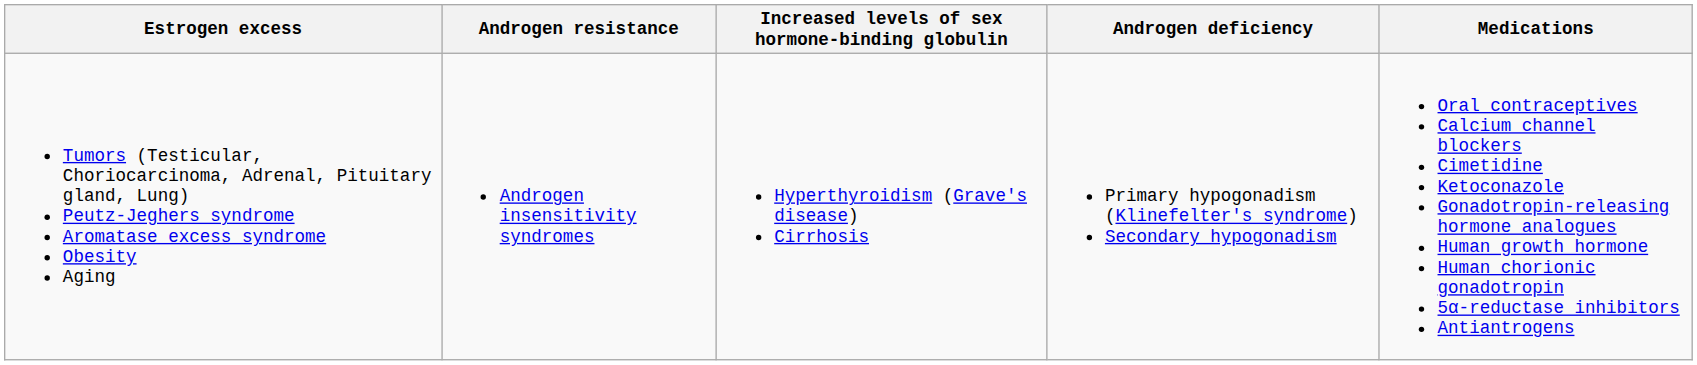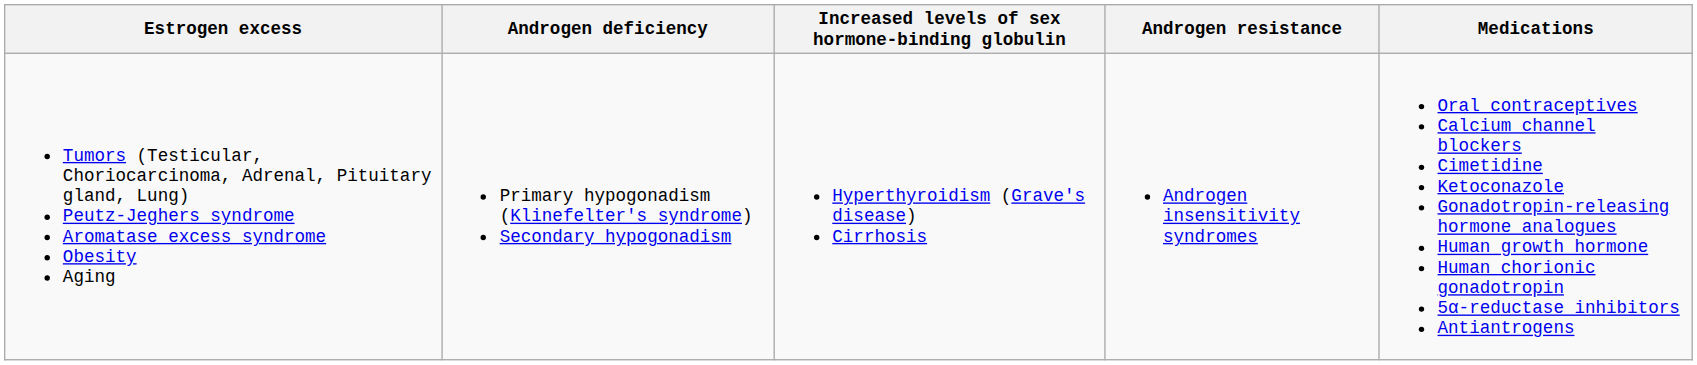 <table class="wikitable">
 <tr>
 <th>Estrogen excess</th>
+<th>Androgen deficiency</th>
+<th>Increased levels of sex hormone-binding globulin</th>
 <th>Androgen resistance</th>
-<th>Increased levels of sex hormone-binding globulin</th>
-<th>Androgen deficiency</th>
 <th>Medications</th>
 </tr>
 <tr>
 <td><br><ul><li><a href='#'>Tumors</a> (Testicular, Choriocarcinoma, Adrenal, Pituitary gland, Lung)</li><li><a href='#'>Peutz-Jeghers syndrome</a></li><li><a href='#'>Aromatase excess syndrome</a></li><li><a href='#'>Obesity</a></li><li>Aging</li></ul></td>
+<td><br><ul><li>Primary hypogonadism (<a href='#'>Klinefelter's syndrome</a>)</li><li><a href='#'>Secondary hypogonadism</a></li></ul></td>
+<td><br><ul><li><a href='#'>Hyperthyroidism</a> (<a href='#'>Grave's disease</a>)</li><li><a href='#'>Cirrhosis</a></li></ul></td>
 <td><br><ul><li><a href='#'>Androgen insensitivity syndromes</a></li></ul></td>
-<td><br><ul><li><a href='#'>Hyperthyroidism</a> (<a href='#'>Grave's disease</a>)</li><li><a href='#'>Cirrhosis</a></li></ul></td>
-<td><br><ul><li>Primary hypogonadism (<a href='#'>Klinefelter's syndrome</a>)</li><li><a href='#'>Secondary hypogonadism</a></li></ul></td>
 <td><br><ul><li><a href='#'>Oral contraceptives</a></li><li><a href='#'>Calcium channel blockers</a></li><li><a href='#'>Cimetidine</a></li><li><a href='#'>Ketoconazole</a></li><li><a href='#'>Gonadotropin-releasing hormone analogues</a></li><li><a href='#'>Human growth hormone</a></li><li><a href='#'>Human chorionic gonadotropin</a></li><li><a href='#'>5α-reductase inhibitors</a></li><li><a href='#'>Antiantrogens</a></li></ul></td>
 </tr>
 </table>
